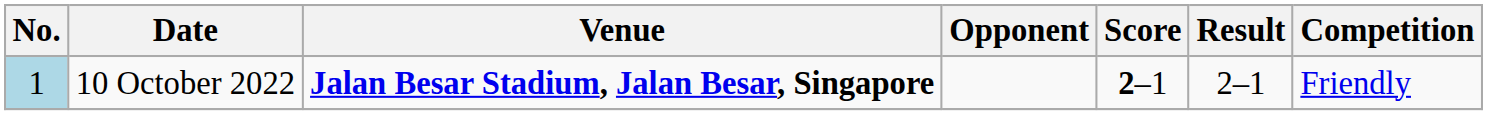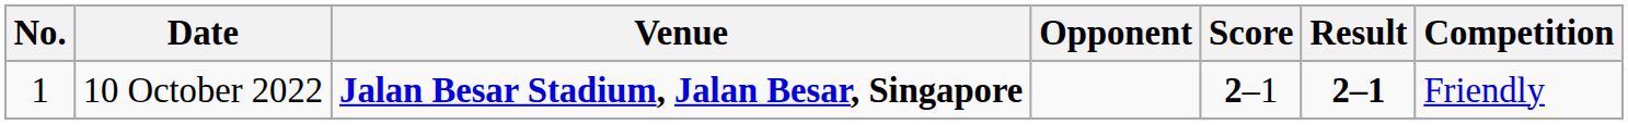 <table class="wikitable sortable">
 <tr>
 <th scope="col">No.</th>
 <th scope="col">Date</th>
 <th scope="col">Venue</th>
 <th scope="col">Opponent</th>
 <th scope="col">Score</th>
 <th scope="col">Result</th>
 <th scope="col">Competition</th>
 </tr>
 <tr>
-<td align=center style="background: lightblue;">1</td>
+<td align=center>1</td>
 <td>10 October 2022</td>
 <td><strong><a href='#'>Jalan Besar Stadium</a>, <a href='#'>Jalan Besar</a>, Singapore</strong></td>
 <td></td>
 <td align=center><strong>2</strong>–1</td>
-<td align=center>2–1</td>
+<td align=center><strong>2–1</strong></td>
 <td><a href='#'>Friendly</a></td>
 </tr>
 <tr>
 </tr>
 </table>
